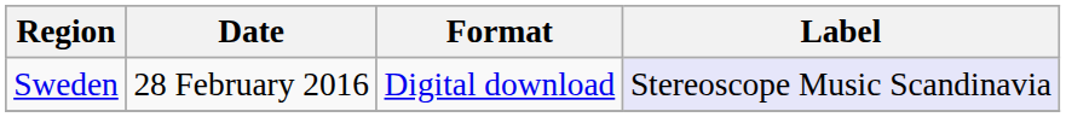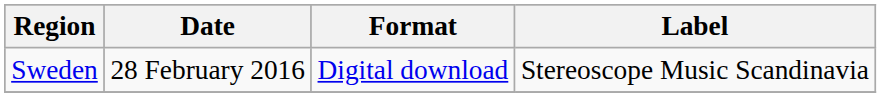 <table class=wikitable>
 <tr>
 <th>Region</th>
 <th>Date</th>
 <th>Format</th>
 <th>Label</th>
 </tr>
 <tr>
 <td><a href='#'>Sweden</a></td>
 <td>28 February 2016</td>
 <td><a href='#'>Digital download</a></td>
-<td style="background: lavender;">Stereoscope Music Scandinavia</td>
+<td>Stereoscope Music Scandinavia</td>
 </tr>
 <tr>
 </tr>
 </table>
